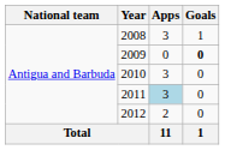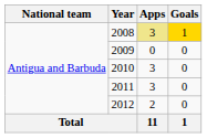 <table class="wikitable" style="text-align:center">
 <tr>
 <th>National team</th>
 <th>Year</th>
 <th>Apps</th>
 <th>Goals</th>
 </tr>
 <tr>
 <td rowspan="5"><a href='#'>Antigua and Barbuda</a></td>
 <td>2008</td>
-<td>3</td>
-<td>1</td>
+<td style="background: khaki;">3</td>
+<td style="background: gold;">1</td>
 </tr>
 <tr>
 <td>2009</td>
 <td>0</td>
-<td><strong>0</strong></td>
+<td>0</td>
 </tr>
 <tr>
 <td>2010</td>
 <td>3</td>
 <td>0</td>
 </tr>
 <tr>
 <td>2011</td>
-<td style="background: lightblue;">3</td>
+<td>3</td>
 <td>0</td>
 </tr>
 <tr>
 <td>2012</td>
 <td>2</td>
 <td>0</td>
 </tr>
 <tr>
 <th colspan="2">Total</th>
 <th>11</th>
 <th>1</th>
 </tr>
 </table>
